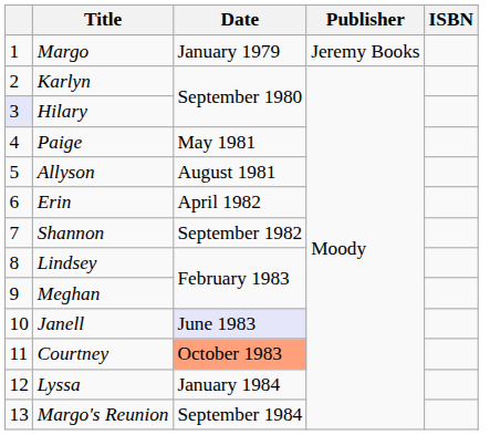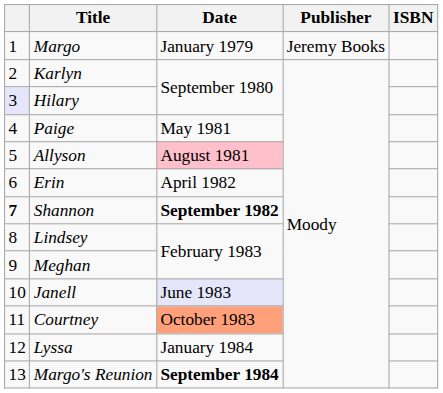 <table class="wikitable">
 <tr>
 <th></th>
 <th>Title</th>
 <th>Date</th>
 <th>Publisher</th>
 <th>ISBN</th>
 </tr>
 <tr>
 <td>1</td>
 <td><em>Margo</em></td>
 <td>January 1979</td>
 <td>Jeremy Books</td>
 <td></td>
 </tr>
 <tr>
 <td>2</td>
 <td><em>Karlyn</em></td>
 <td rowspan="2">September 1980</td>
 <td rowspan="12">Moody</td>
 <td></td>
 </tr>
 <tr>
 <td style="background: lavender;">3</td>
 <td><em>Hilary</em></td>
 <td></td>
 </tr>
 <tr>
 <td>4</td>
 <td><em>Paige</em></td>
 <td>May 1981</td>
 <td></td>
 </tr>
 <tr>
 <td>5</td>
 <td><em>Allyson</em></td>
-<td>August 1981</td>
+<td style="background: pink;">August 1981</td>
 <td></td>
 </tr>
 <tr>
 <td>6</td>
 <td><em>Erin</em></td>
 <td>April 1982</td>
 <td></td>
 </tr>
 <tr>
-<td>7</td>
+<td><strong>7</strong></td>
 <td><em>Shannon</em></td>
-<td>September 1982</td>
+<td><strong>September 1982</strong></td>
 <td></td>
 </tr>
 <tr>
 <td>8</td>
 <td><em>Lindsey</em></td>
 <td rowspan="2">February 1983</td>
 <td></td>
 </tr>
 <tr>
 <td>9</td>
 <td><em>Meghan</em></td>
 <td></td>
 </tr>
 <tr>
 <td>10</td>
 <td><em>Janell</em></td>
 <td style="background: lavender;">June 1983</td>
 <td></td>
 </tr>
 <tr>
 <td>11</td>
 <td><em>Courtney</em></td>
 <td style="background: lightsalmon;">October 1983</td>
 <td></td>
 </tr>
 <tr>
 <td>12</td>
 <td><em>Lyssa</em></td>
 <td>January 1984</td>
 <td></td>
 </tr>
 <tr>
 <td>13</td>
 <td><em>Margo's Reunion</em></td>
-<td>September 1984</td>
+<td><strong>September 1984</strong></td>
 <td></td>
 </tr>
 </table>
